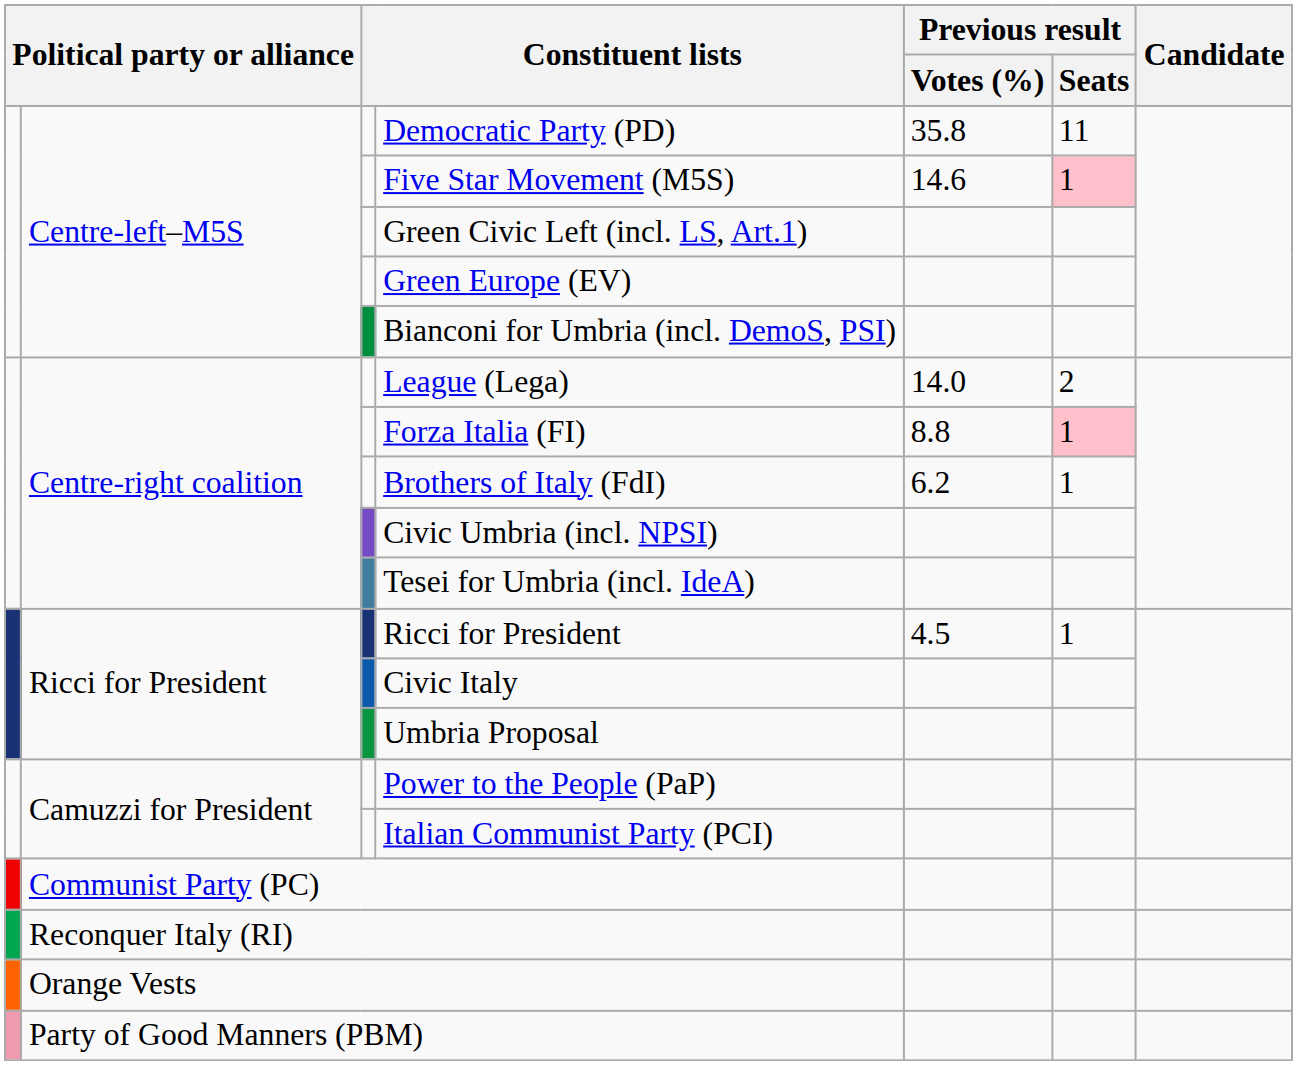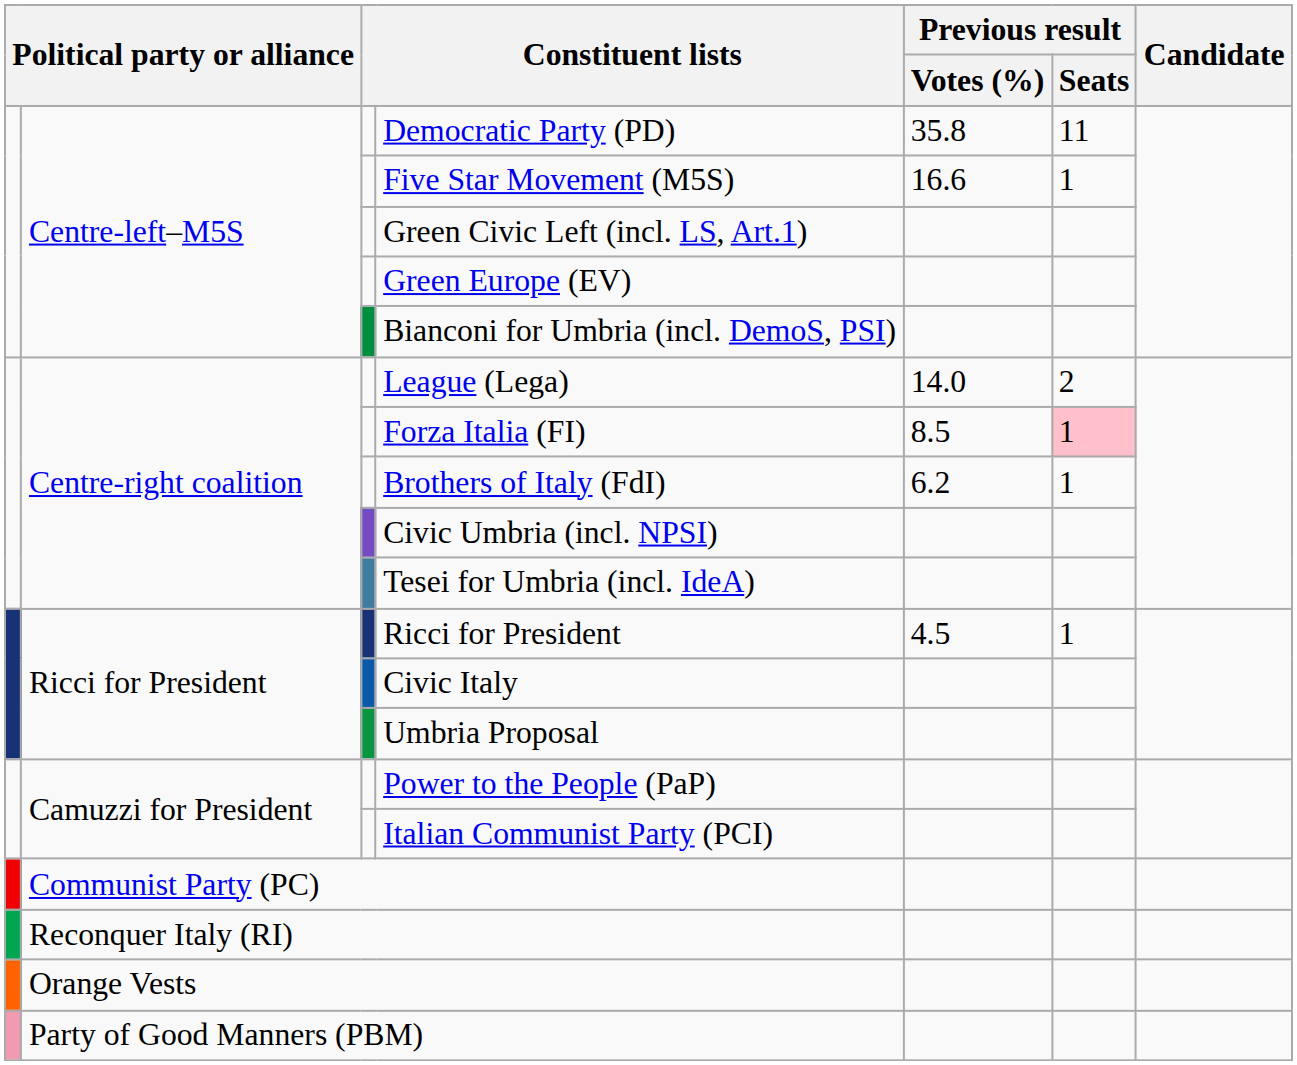 <table class="wikitable" style="text-align:left">
 <tr>
 <th colspan=2 rowspan="2">Political party or alliance</th>
 <th colspan=2 rowspan="2">Constituent lists</th>
 <th colspan="2">Previous result</th>
 <th colspan="2" rowspan="2">Candidate</th>
 </tr>
 <tr>
 <th>Votes (%)</th>
 <th>Seats</th>
 </tr>
 <tr>
 <td rowspan="5"></td>
 <td rowspan=5><a href='#'>Centre-left</a>–<a href='#'>M5S</a></td>
 <td></td>
 <td style="text-align:left;"><a href='#'>Democratic Party</a> (PD)</td>
 <td>35.8</td>
 <td>11</td>
 <td rowspan="5"></td>
 </tr>
 <tr>
 <td></td>
 <td><a href='#'>Five Star Movement</a> (M5S)</td>
-<td>14.6</td>
-<td style="background: pink;">1</td>
+<td>16.6</td>
+<td>1</td>
 </tr>
 <tr>
 <td></td>
 <td>Green Civic Left (incl. <a href='#'>LS</a>, <a href='#'>Art.1</a>)</td>
 <td></td>
 <td></td>
 </tr>
 <tr>
 <td style="background-color:"></td>
 <td><a href='#'>Green Europe</a> (EV)</td>
 <td></td>
 <td></td>
 </tr>
 <tr>
 <td style="background-color:#008f3f"></td>
 <td style="text-align:left;">Bianconi for Umbria (incl. <a href='#'>DemoS</a>, <a href='#'>PSI</a>)</td>
 <td></td>
 <td></td>
 </tr>
 <tr>
 <td rowspan="5" style="background:"></td>
 <td rowspan=5><a href='#'>Centre-right coalition</a></td>
 <td></td>
 <td style="text-align:left;"><a href='#'>League</a> (Lega)</td>
 <td>14.0</td>
 <td>2</td>
 <td rowspan="5"></td>
 </tr>
 <tr>
 <td></td>
 <td style="text-align:left;"><a href='#'>Forza Italia</a>  (FI)</td>
-<td>8.8</td>
+<td>8.5</td>
 <td style="background: pink;">1</td>
 </tr>
 <tr>
 <td></td>
 <td style="text-align:left;"><a href='#'>Brothers of Italy</a> (FdI)</td>
 <td>6.2</td>
 <td>1</td>
 </tr>
 <tr>
 <td bgcolor="#754AC5"></td>
 <td style="text-align:left;">Civic Umbria (incl. <a href='#'>NPSI</a>)</td>
 <td></td>
 <td></td>
 </tr>
 <tr>
 <td bgcolor="#3F7C9D"></td>
 <td style="text-align:left;">Tesei for Umbria (incl. <a href='#'>IdeA</a>)</td>
 <td></td>
 <td></td>
 </tr>
 <tr>
 <td rowspan="3" bgcolor="#193275"></td>
 <td rowspan=3>Ricci for President</td>
 <td bgcolor="#193275"></td>
 <td style="text-align:left;">Ricci for President</td>
 <td>4.5</td>
 <td>1</td>
 <td rowspan="3"></td>
 </tr>
 <tr>
 <td bgcolor="#0a59ab"></td>
 <td style="text-align:left;">Civic Italy</td>
 <td></td>
 <td></td>
 </tr>
 <tr>
 <td bgcolor="#0a9540"></td>
 <td style="text-align:left;">Umbria Proposal</td>
 <td></td>
 <td></td>
 </tr>
 <tr>
 <td rowspan="2"></td>
 <td rowspan="2">Camuzzi for President</td>
 <td></td>
 <td><a href='#'>Power to the People</a> (PaP)</td>
 <td></td>
 <td></td>
 <td rowspan="2"></td>
 </tr>
 <tr>
 <td></td>
 <td style="text-align:left;"><a href='#'>Italian Communist Party</a> (PCI)</td>
 <td></td>
 <td></td>
 </tr>
 <tr>
 <td style="background-color:#F00000"></td>
 <td colspan="3"><a href='#'>Communist Party</a> (PC)</td>
 <td></td>
 <td></td>
 <td></td>
 </tr>
 <tr>
 <td bgcolor="#00A650"></td>
 <td colspan="3">Reconquer Italy (RI)</td>
 <td></td>
 <td></td>
 <td></td>
 </tr>
 <tr>
 <td style="background-color:#FF6201"></td>
 <td colspan="3">Orange Vests</td>
 <td></td>
 <td></td>
 <td></td>
 </tr>
 <tr>
 <td style="background-color:#f09bb0"></td>
 <td colspan="3">Party of Good Manners (PBM)</td>
 <td></td>
 <td></td>
 <td></td>
 </tr>
 </table>
